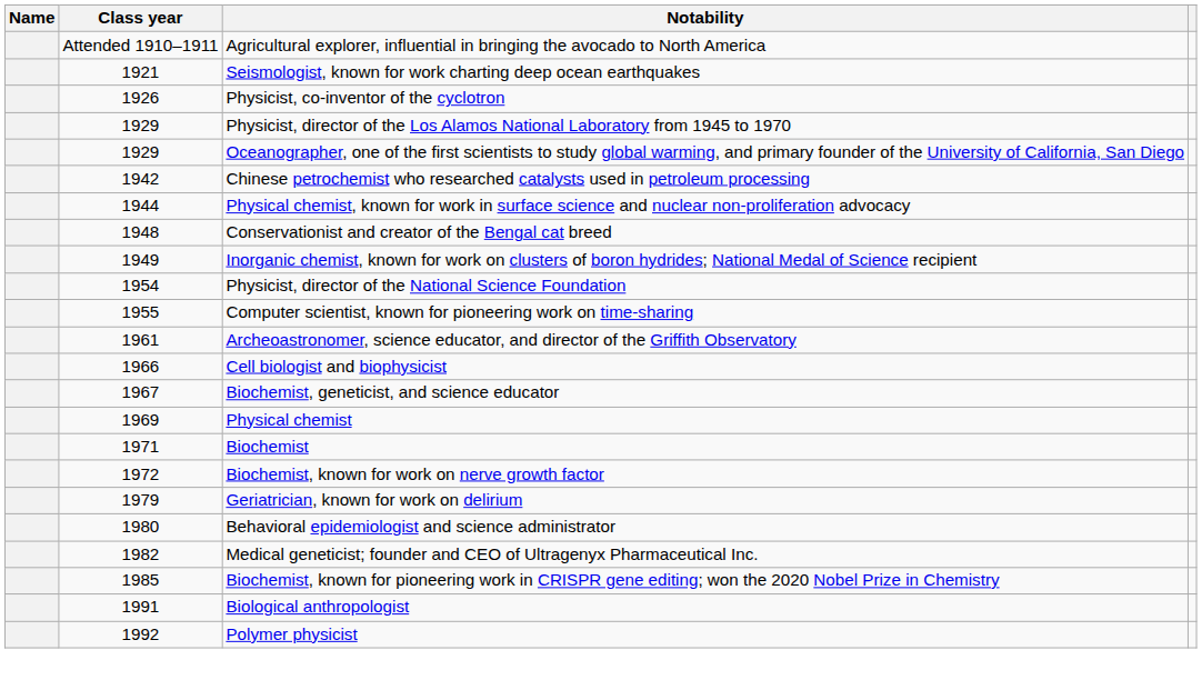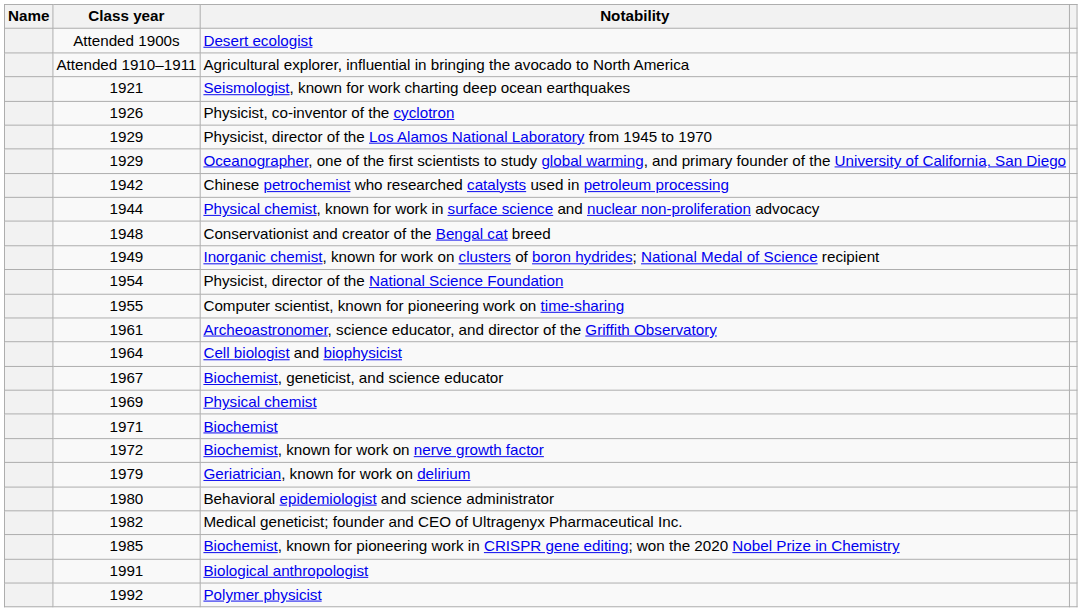 <table class="wikitable sortable plainrowheaders" style="text-align:center; border:2px solid #">
 <tr>
 <th scope="col">Name</th>
 <th scope="col">Class year</th>
 <th scope="col">Notability</th>
 <th scope="col"></th>
+</tr>
+<tr>
+<th scope="row"></th>
+<td>Attended 1900s</td>
+<td style="text-align:left;"><a href='#'>Desert ecologist</a></td>
+<td></td>
 </tr>
 <tr>
 <th scope="row"></th>
 <td>Attended 1910–1911</td>
 <td style="text-align:left;">Agricultural explorer, influential in bringing the avocado to North America</td>
 <td></td>
 </tr>
 <tr>
 <th scope="row"></th>
 <td>1921</td>
 <td style="text-align:left;"><a href='#'>Seismologist</a>, known for work charting deep ocean earthquakes</td>
 <td></td>
 </tr>
 <tr>
 <th scope="row"></th>
 <td>1926</td>
 <td style="text-align:left;">Physicist, co-inventor of the <a href='#'>cyclotron</a></td>
 <td></td>
 </tr>
 <tr>
 <th scope="row"></th>
 <td>1929</td>
 <td style="text-align:left;">Physicist, director of the <a href='#'>Los Alamos National Laboratory</a> from 1945 to 1970</td>
 <td></td>
 </tr>
 <tr>
 <th scope="row"></th>
 <td>1929</td>
 <td style="text-align:left;"><a href='#'>Oceanographer</a>, one of the first scientists to study <a href='#'>global warming</a>, and primary founder of the <a href='#'>University of California, San Diego</a></td>
 <td></td>
 </tr>
 <tr>
 <th scope="row"></th>
 <td>1942</td>
 <td style="text-align:left;">Chinese <a href='#'>petrochemist</a> who researched <a href='#'>catalysts</a> used in <a href='#'>petroleum processing</a></td>
 <td></td>
 </tr>
 <tr>
 <th scope="row"></th>
 <td>1944</td>
 <td style="text-align:left;"><a href='#'>Physical chemist</a>, known for work in <a href='#'>surface science</a> and <a href='#'>nuclear non-proliferation</a> advocacy</td>
 <td></td>
 </tr>
 <tr>
 <th scope="row"></th>
 <td>1948</td>
 <td style="text-align:left;">Conservationist and creator of the <a href='#'>Bengal cat</a> breed</td>
 <td></td>
 </tr>
 <tr>
 <th scope="row"></th>
 <td>1949</td>
 <td style="text-align:left;"><a href='#'>Inorganic chemist</a>, known for work on <a href='#'>clusters</a> of <a href='#'>boron hydrides</a>; <a href='#'>National Medal of Science</a> recipient</td>
 <td></td>
 </tr>
 <tr>
 <th scope="row"></th>
 <td>1954</td>
 <td style="text-align:left;">Physicist, director of the <a href='#'>National Science Foundation</a></td>
 <td></td>
 </tr>
 <tr>
 <th scope="row"></th>
 <td>1955</td>
 <td style="text-align:left;">Computer scientist, known for pioneering work on <a href='#'>time-sharing</a></td>
 <td></td>
 </tr>
 <tr>
 <th scope="row"></th>
 <td>1961</td>
 <td style="text-align:left;"><a href='#'>Archeoastronomer</a>, science educator, and director of the <a href='#'>Griffith Observatory</a></td>
 <td></td>
 </tr>
 <tr>
 <th scope="row"></th>
-<td>1966</td>
+<td>1964</td>
 <td style="text-align:left;"><a href='#'>Cell biologist</a> and <a href='#'>biophysicist</a></td>
 <td></td>
 </tr>
 <tr>
 <th scope="row"></th>
 <td>1967</td>
 <td style="text-align:left;"><a href='#'>Biochemist</a>, geneticist, and science educator</td>
 <td></td>
 </tr>
 <tr>
 <th scope="row"></th>
 <td>1969</td>
 <td style="text-align:left;"><a href='#'>Physical chemist</a></td>
 <td></td>
 </tr>
 <tr>
 <th scope="row"></th>
 <td>1971</td>
 <td style="text-align:left;"><a href='#'>Biochemist</a></td>
 <td></td>
 </tr>
 <tr>
 <th scope="row"></th>
 <td>1972</td>
 <td style="text-align:left;"><a href='#'>Biochemist</a>, known for work on <a href='#'>nerve growth factor</a></td>
 <td></td>
 </tr>
 <tr>
 <th scope="row"></th>
 <td>1979</td>
 <td style="text-align:left;"><a href='#'>Geriatrician</a>, known for work on <a href='#'>delirium</a></td>
 <td></td>
 </tr>
 <tr>
 <th scope="row"></th>
 <td>1980</td>
 <td style="text-align:left;">Behavioral <a href='#'>epidemiologist</a> and science administrator</td>
 <td></td>
 </tr>
 <tr>
 <th scope="row"></th>
 <td>1982</td>
 <td style="text-align:left;">Medical geneticist; founder and CEO of Ultragenyx Pharmaceutical Inc.</td>
 <td></td>
 </tr>
 <tr>
 <th scope="row"></th>
 <td>1985</td>
 <td style="text-align:left;"><a href='#'>Biochemist</a>, known for pioneering work in <a href='#'>CRISPR gene editing</a>; won the 2020 <a href='#'>Nobel Prize in Chemistry</a></td>
 <td></td>
 </tr>
 <tr>
 <th scope="row"></th>
 <td>1991</td>
 <td style="text-align:left;"><a href='#'>Biological anthropologist</a></td>
 <td></td>
 </tr>
 <tr>
 <th scope="row"></th>
 <td>1992</td>
 <td style="text-align:left;"><a href='#'>Polymer physicist</a></td>
 <td></td>
 </tr>
 </table>
